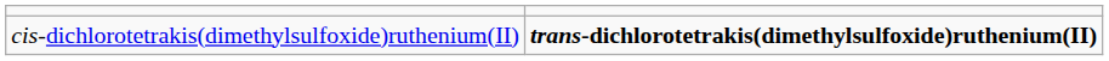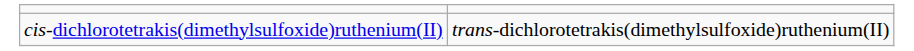 <table class="wikitable" style="margin:1em auto; text-align:left;">
 <tr>
 <td></td>
 <td></td>
 </tr>
 <tr>
 <td><em>cis</em>-<a href='#'>dichlorotetrakis(dimethylsulfoxide)ruthenium(II)</a></td>
-<td><strong><em>trans</em>-dichlorotetrakis(dimethylsulfoxide)ruthenium(II)</strong></td>
+<td><em>trans</em>-dichlorotetrakis(dimethylsulfoxide)ruthenium(II)</td>
 </tr>
 </table>
